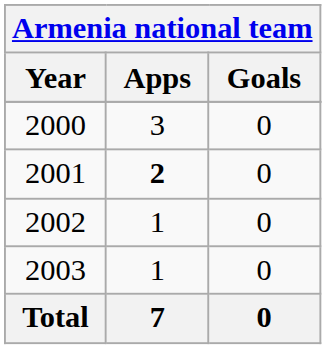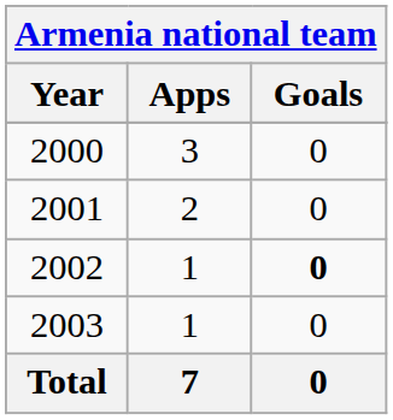 <table class="wikitable" style="text-align:center">
 <tr>
 <th colspan=3><a href='#'>Armenia national team</a></th>
 </tr>
 <tr>
 <th>Year</th>
 <th>Apps</th>
 <th>Goals</th>
 </tr>
 <tr>
 </tr>
 <tr>
 <td>2000</td>
 <td>3</td>
 <td>0</td>
 </tr>
 <tr>
 <td>2001</td>
-<td><strong>2</strong></td>
+<td>2</td>
 <td>0</td>
 </tr>
 <tr>
 <td>2002</td>
 <td>1</td>
-<td>0</td>
+<td><strong>0</strong></td>
 </tr>
 <tr>
 <td>2003</td>
 <td>1</td>
 <td>0</td>
 </tr>
 <tr>
 <th>Total</th>
 <th>7</th>
 <th>0</th>
 </tr>
 </table>
